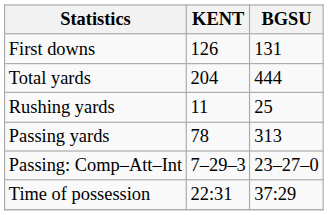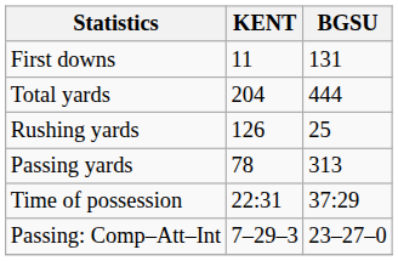 <table class="wikitable" style="float: left;">
 <tr>
 <th>Statistics</th>
 <th>KENT</th>
 <th>BGSU</th>
 </tr>
 <tr>
 <td>First downs</td>
-<td>126</td>
+<td>11</td>
 <td>131</td>
 </tr>
 <tr>
 <td>Total yards</td>
 <td>204</td>
 <td>444</td>
 </tr>
 <tr>
 <td>Rushing yards</td>
-<td>11</td>
+<td>126</td>
 <td>25</td>
 </tr>
 <tr>
 <td>Passing yards</td>
 <td>78</td>
 <td>313</td>
 </tr>
 <tr>
+<td>Time of possession</td>
+<td>22:31</td>
+<td>37:29</td>
+</tr>
+<tr>
 <td>Passing: Comp–Att–Int</td>
 <td>7–29–3</td>
 <td>23–27–0</td>
 </tr>
 <tr>
-<td>Time of possession</td>
-<td>22:31</td>
-<td>37:29</td>
-</tr>
-<tr>
 </tr>
 </table>
